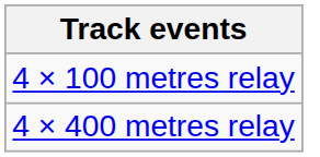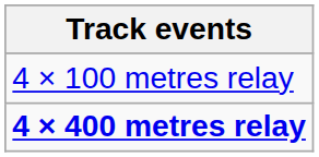 <table class=wikitable>
 <tr>
 <th>Track events</th>
 </tr>
 <tr>
 <td><a href='#'>4 × 100 metres relay</a></td>
 </tr>
 <tr>
-<td><a href='#'>4 × 400 metres relay</a></td>
+<td><strong><a href='#'>4 × 400 metres relay</a></strong></td>
 </tr>
 </table>
